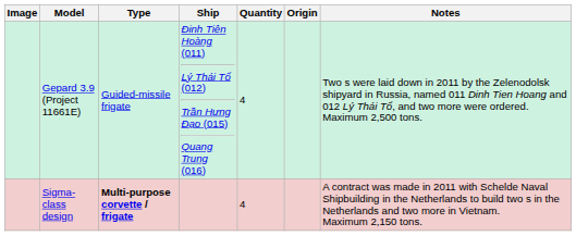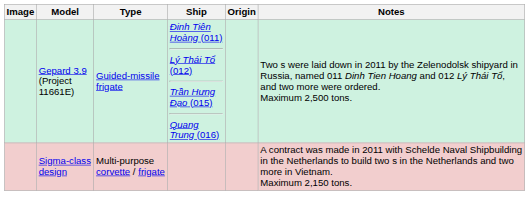 <table class="wikitable">
 <tr>
 <th>Image</th>
 <th>Model</th>
 <th>Type</th>
 <th>Ship</th>
-<th>Quantity</th>
 <th>Origin</th>
 <th>Notes</th>
 </tr>
 <tr>
 <td style="background: #CEF2E0"><br></td>
 <td style="background: #CEF2E0"><a href='#'>Gepard 3.9</a><br>(Project 11661E)</td>
 <td style="background: #CEF2E0"><a href='#'>Guided-missile frigate</a></td>
 <td style="background: #CEF2E0"><a href='#'><em>Đinh Tiên Hoàng</em> (011)</a><hr><a href='#'><em>Lý Thái Tổ</em> (012)</a><hr><a href='#'><em>Trần Hưng Đạo</em> (015)</a><hr><a href='#'><em>Quang Trung</em> (016)</a></td>
-<td style="background: #CEF2E0">4</td>
 <td style="background: #CEF2E0"></td>
 <td style="background: #CEF2E0">Two s were laid down in 2011 by the Zelenodolsk shipyard in Russia, named 011 <em>Dinh Tien Hoang</em> and 012 <em>Lý Thái Tổ</em>, and two more were ordered.<br>Maximum 2,500 tons.</td>
 </tr>
 <tr>
 <td style="background: #F2CECE"></td>
 <td style="background: #F2CECE"><a href='#'>Sigma-class design</a></td>
-<td style="background: #F2CECE"><strong>Multi-purpose <a href='#'>corvette</a> / <a href='#'>frigate</a></strong></td>
+<td style="background: #F2CECE">Multi-purpose <a href='#'>corvette</a> / <a href='#'>frigate</a></td>
 <td style="background: #F2CECE"></td>
-<td style="background: #F2CECE">4</td>
 <td style="background: #F2CECE"></td>
 <td style="background: #F2CECE">A contract was made in 2011 with Schelde Naval Shipbuilding in the Netherlands to build two s in the Netherlands and two more in Vietnam.<br>Maximum 2,150 tons.</td>
 </tr>
 </table>
